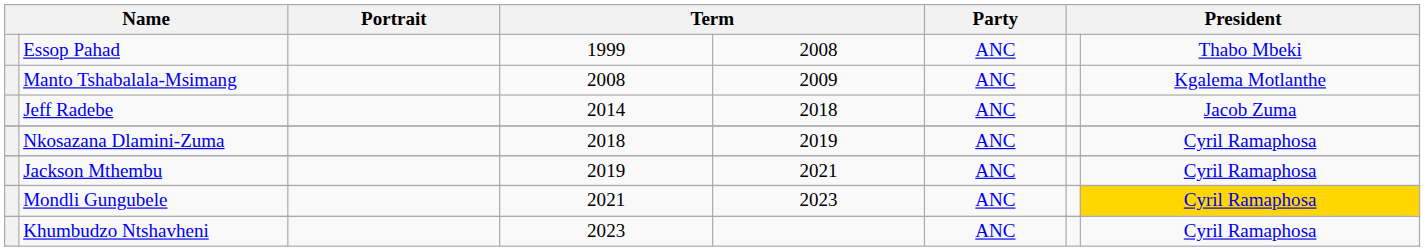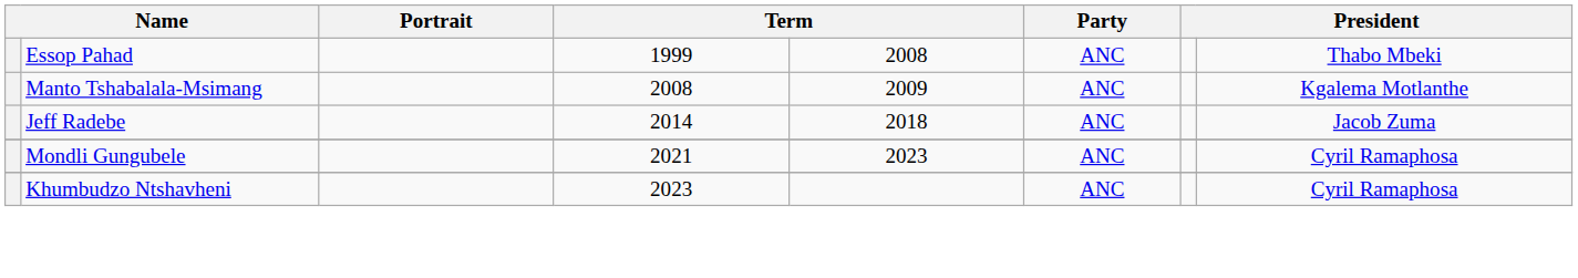 <table class="wikitable" width="60%">
 <tr>
 <th colspan="2" width="20%">Name</th>
 <th width="75">Portrait</th>
 <th colspan="2" width="30%">Term</th>
 <th width="10%">Party</th>
 <th colspan="2" width="25%">President</th>
 </tr>
 <tr>
 <th style="width:1%;background-color: "></th>
 <td><a href='#'>Essop Pahad</a></td>
 <td></td>
 <td align="center">1999</td>
 <td align="center">2008</td>
 <td align="center"><a href='#'>ANC</a></td>
 <td style="width:1%;background-color: "></td>
 <td align="center"><a href='#'>Thabo Mbeki</a><br> </td>
 </tr>
 <tr>
 <th style="width:1%;background-color: "></th>
 <td><a href='#'>Manto Tshabalala-Msimang</a></td>
 <td></td>
 <td align="center">2008</td>
 <td align="center">2009</td>
 <td align="center"><a href='#'>ANC</a></td>
 <td style="width:1%;background-color: "></td>
 <td align="center"><a href='#'>Kgalema Motlanthe</a><br> </td>
 </tr>
 <tr style="text-align:center">
 <th style="width:1%;background-color: "></th>
 <td align="left"><a href='#'>Jeff Radebe</a></td>
 <td align="center"></td>
 <td>2014</td>
 <td>2018</td>
 <td><a href='#'>ANC</a></td>
 <td style="width:1%;background-color: "></td>
 <td><a href='#'>Jacob Zuma</a><br> </td>
 </tr>
 <tr>
 </tr>
-<tr style="text-align:center">
-<th style="width:1%;background-color: "></th>
-<td align="left"><a href='#'>Nkosazana Dlamini-Zuma</a></td>
-<td align="center"></td>
-<td>2018</td>
-<td>2019</td>
-<td><a href='#'>ANC</a></td>
-<td style="width:1%;background-color: "></td>
-<td><a href='#'>Cyril Ramaphosa</a><br> </td>
-</tr>
 <tr>
-</tr>
-<tr style="text-align:center">
-<th style="width:1%;background-color: "></th>
-<td align="left"><a href='#'>Jackson Mthembu</a></td>
-<td align="center"></td>
-<td>2019</td>
-<td>2021</td>
-<td><a href='#'>ANC</a></td>
-<td style="width:1%;background-color: "></td>
-<td><a href='#'>Cyril Ramaphosa</a><br> </td>
 </tr>
 <tr>
 </tr>
 <tr style="text-align:center">
 <th style="width:1%;background-color: "></th>
 <td align="left"><a href='#'>Mondli Gungubele</a></td>
 <td align="center"></td>
 <td>2021</td>
 <td>2023</td>
 <td><a href='#'>ANC</a></td>
 <td style="width:1%;background-color: "></td>
-<td style="background: gold;"><a href='#'>Cyril Ramaphosa</a><br> </td>
+<td><a href='#'>Cyril Ramaphosa</a><br> </td>
 </tr>
 <tr>
 </tr>
 <tr style="text-align:center">
 <th style="width:1%;background-color: "></th>
 <td align="left"><a href='#'>Khumbudzo Ntshavheni</a></td>
 <td align="center"></td>
 <td>2023</td>
 <td></td>
 <td><a href='#'>ANC</a></td>
 <td style="width:1%;background-color: "></td>
 <td><a href='#'>Cyril Ramaphosa</a><br> </td>
 </tr>
 </table>
